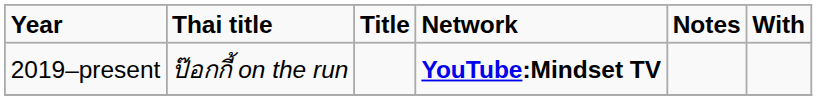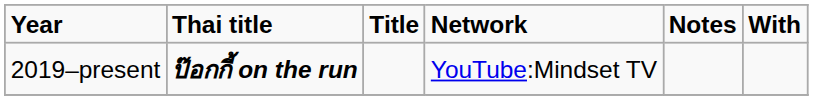 <table class="wikitable" style="font-size: 85%;">
 <tr>
 <td><strong>Year</strong></td>
 <td><strong>Thai title</strong></td>
 <td><strong>Title</strong></td>
 <td><strong>Network</strong></td>
 <td><strong>Notes</strong></td>
 <td><strong>With</strong></td>
 </tr>
 <tr>
 <td rowspan="1">2019–present</td>
-<td><em>ป๊อกกี้ on the run</em></td>
+<td><strong><em>ป๊อกกี้ on the run</em></strong></td>
 <td><em> </em></td>
-<td><strong><a href='#'>YouTube</a>:Mindset TV</strong></td>
+<td><a href='#'>YouTube</a>:Mindset TV</td>
 <td></td>
 <td></td>
 </tr>
 <tr>
 </tr>
 </table>
